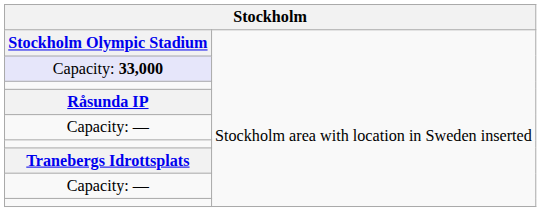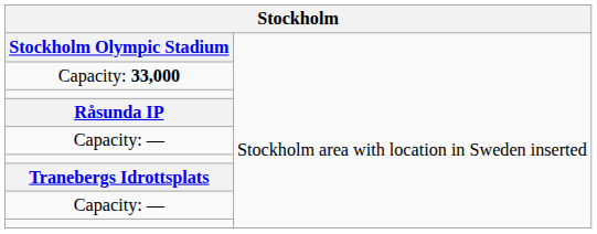 <table class="wikitable" style="text-align:center">
 <tr>
 <th colspan="3">Stockholm</th>
 </tr>
 <tr>
 <th><a href='#'>Stockholm Olympic Stadium</a></th>
 <td rowspan=10><br> <br>Stockholm area with location in Sweden inserted</td>
 </tr>
 <tr>
-<td style="background: lavender;">Capacity: <strong>33,000</strong></td>
+<td>Capacity: <strong>33,000</strong></td>
 </tr>
 <tr>
 <td></td>
 </tr>
 <tr>
 <th><a href='#'>Råsunda IP</a></th>
 </tr>
 <tr>
 <td>Capacity: —</td>
 </tr>
 <tr>
 <td></td>
 </tr>
 <tr>
 <th><a href='#'>Tranebergs Idrottsplats</a></th>
 </tr>
 <tr>
 <td>Capacity: —</td>
 </tr>
 <tr>
 <td></td>
 </tr>
 <tr>
 </tr>
 </table>
